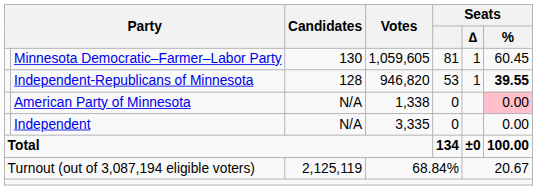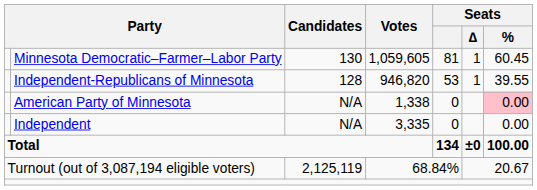 <table class="wikitable">
 <tr>
 <th rowspan="2" colspan="2">Party</th>
 <th rowspan="2">Candidates</th>
 <th rowspan="2" colspan="1">Votes</th>
 <th colspan="3">Seats</th>
 </tr>
 <tr>
 <th></th>
 <th>∆</th>
 <th>%</th>
 </tr>
 <tr>
 <td style="background-color:"></td>
 <td><a href='#'>Minnesota Democratic–Farmer–Labor Party</a></td>
 <td align="right">130</td>
 <td align="right">1,059,605</td>
 <td align="right">81</td>
 <td align="right">1</td>
 <td align="right">60.45</td>
 </tr>
 <tr>
 <td style="background-color:"></td>
 <td><a href='#'>Independent-Republicans of Minnesota</a></td>
 <td align="right">128</td>
 <td align="right">946,820</td>
 <td align="right">53</td>
 <td align="right">1</td>
-<td align="right"><strong>39.55</strong></td>
+<td align="right">39.55</td>
 </tr>
 <tr>
 <td style="background-color:"></td>
 <td><a href='#'>American Party of Minnesota</a></td>
 <td align="right">N/A</td>
 <td align="right">1,338</td>
 <td align="right">0</td>
 <td align="right"></td>
 <td align="right" style="background: pink;">0.00</td>
 </tr>
 <tr>
 <td style="background-color:"></td>
 <td><a href='#'>Independent</a></td>
 <td align="right">N/A</td>
 <td align="right">3,335</td>
 <td align="right">0</td>
 <td align="right"></td>
 <td align="right">0.00</td>
 </tr>
 <tr>
 <td colspan="4" align="left"><strong>Total</strong></td>
 <td align="right"><strong>134</strong></td>
 <td align="right"><strong>±0</strong></td>
 <td align="right"><strong>100.00</strong></td>
 </tr>
 <tr>
 <td colspan="2" align="left">Turnout (out of 3,087,194 eligible voters)</td>
 <td colspan="1" align="right">2,125,119</td>
 <td colspan="2" align="right">68.84%</td>
 <td colspan="2" align="right">20.67 </td>
 </tr>
 <tr>
 <td colspan="7"></td>
 </tr>
 </table>
